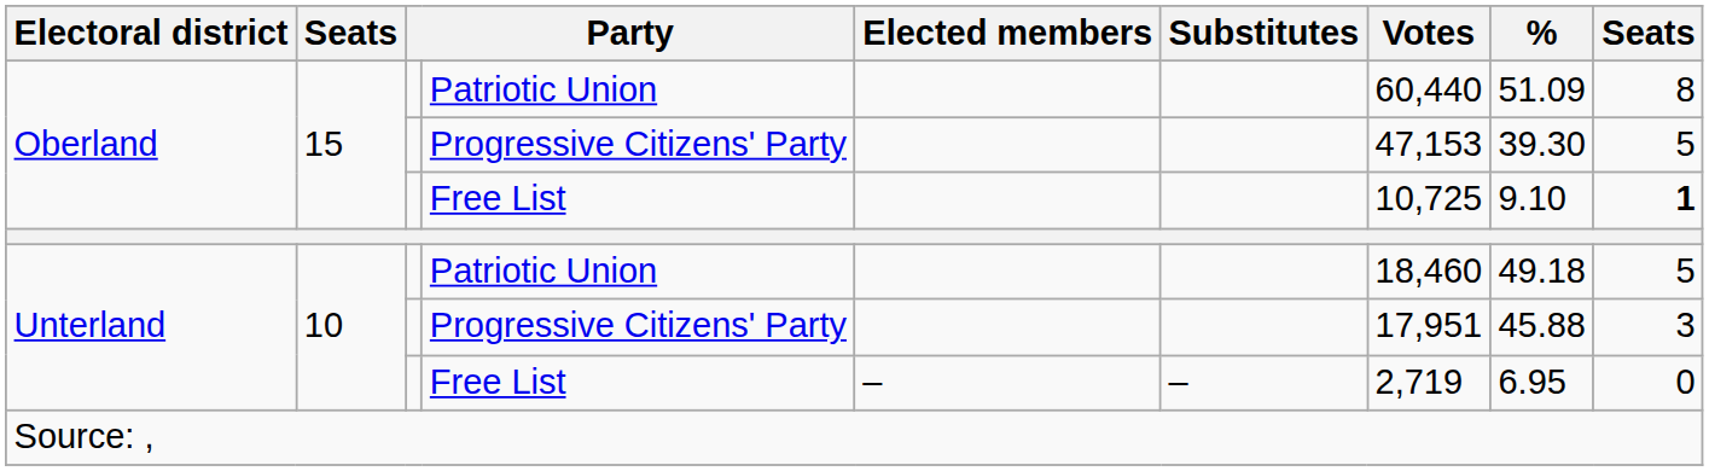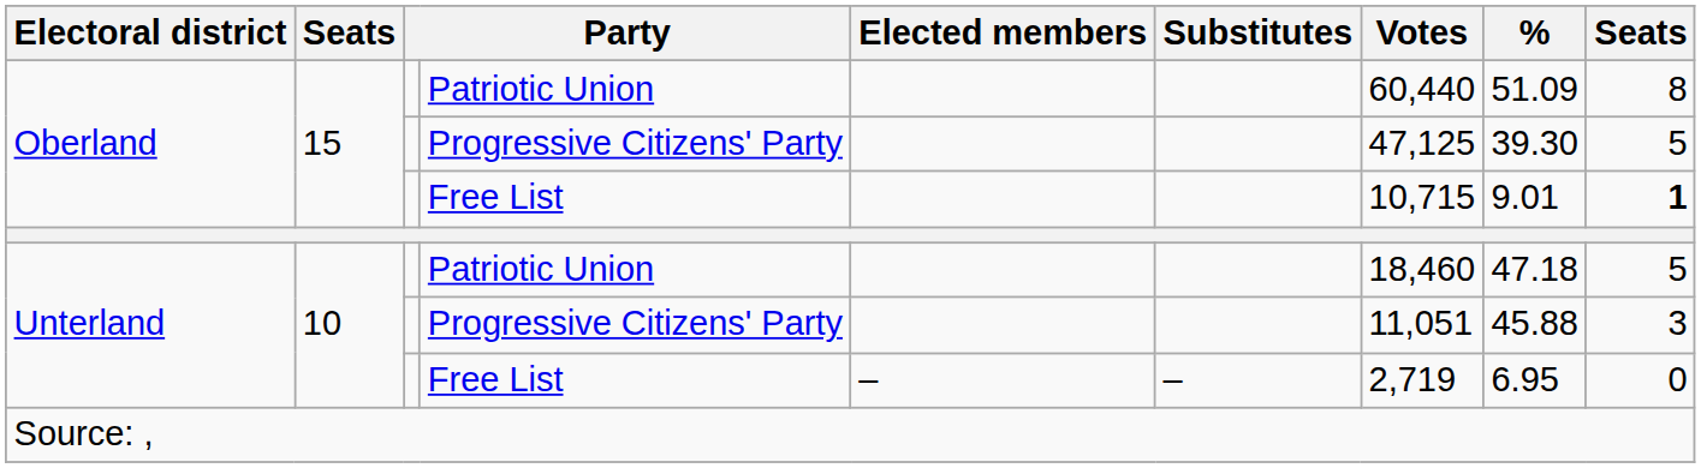 <table class="wikitable">
 <tr>
 <th>Electoral district</th>
 <th>Seats</th>
 <th colspan="2">Party</th>
 <th>Elected members</th>
 <th><strong>Substitutes</strong></th>
 <th>Votes</th>
 <th>%</th>
 <th>Seats</th>
 </tr>
 <tr>
 <td rowspan="3"><a href='#'>Oberland</a></td>
 <td rowspan="3">15</td>
 <td></td>
 <td><a href='#'>Patriotic Union</a></td>
 <td></td>
 <td></td>
 <td>60,440</td>
 <td>51.09</td>
 <td align="right">8</td>
 </tr>
 <tr>
 <td></td>
 <td><a href='#'>Progressive Citizens' Party</a></td>
 <td></td>
 <td></td>
-<td>47,153</td>
+<td>47,125</td>
 <td>39.30</td>
 <td align="right">5</td>
 </tr>
 <tr>
 <td></td>
 <td><a href='#'>Free List</a></td>
 <td></td>
 <td></td>
-<td>10,725</td>
-<td>9.10</td>
+<td>10,715</td>
+<td>9.01</td>
 <td align="right"><strong>1</strong></td>
 </tr>
 <tr>
 <th colspan="9"></th>
 </tr>
 <tr>
 <td rowspan="3"><a href='#'>Unterland</a></td>
 <td rowspan="3">10</td>
 <td></td>
 <td><a href='#'>Patriotic Union</a></td>
 <td></td>
 <td></td>
 <td>18,460</td>
-<td>49.18</td>
+<td>47.18</td>
 <td align="right">5</td>
 </tr>
 <tr>
 <td></td>
 <td><a href='#'>Progressive Citizens' Party</a></td>
 <td></td>
 <td></td>
-<td>17,951</td>
+<td>11,051</td>
 <td>45.88</td>
 <td align="right">3</td>
 </tr>
 <tr>
 <td></td>
 <td><a href='#'>Free List</a></td>
 <td>–</td>
 <td>–</td>
 <td>2,719</td>
 <td>6.95</td>
 <td align="right">0</td>
 </tr>
 <tr>
 <td colspan="9">Source: , </td>
 </tr>
 </table>
